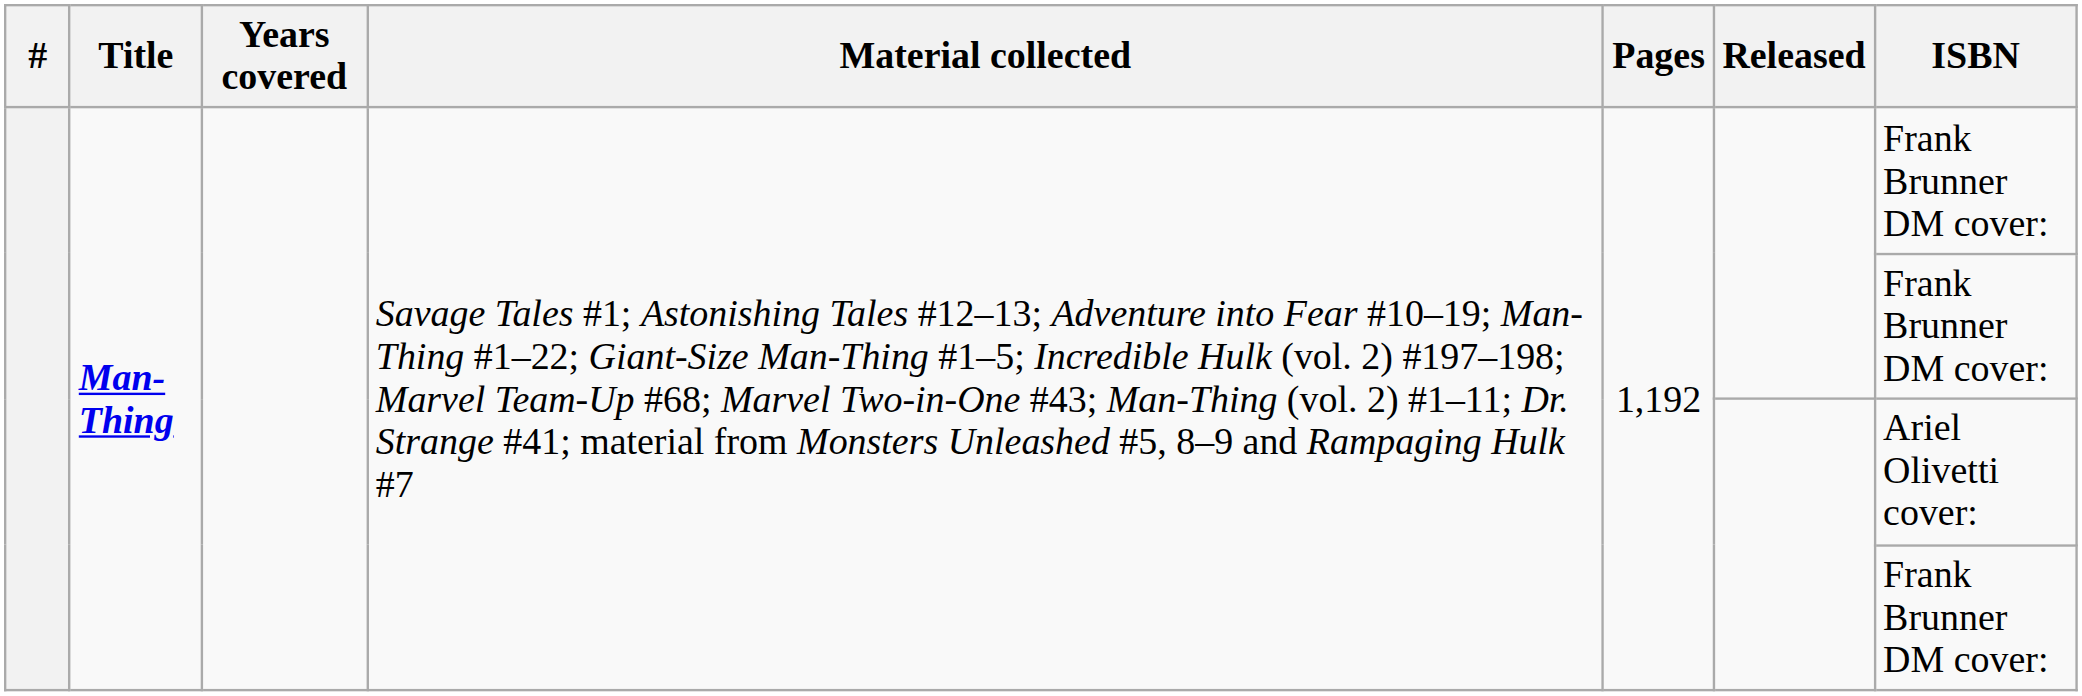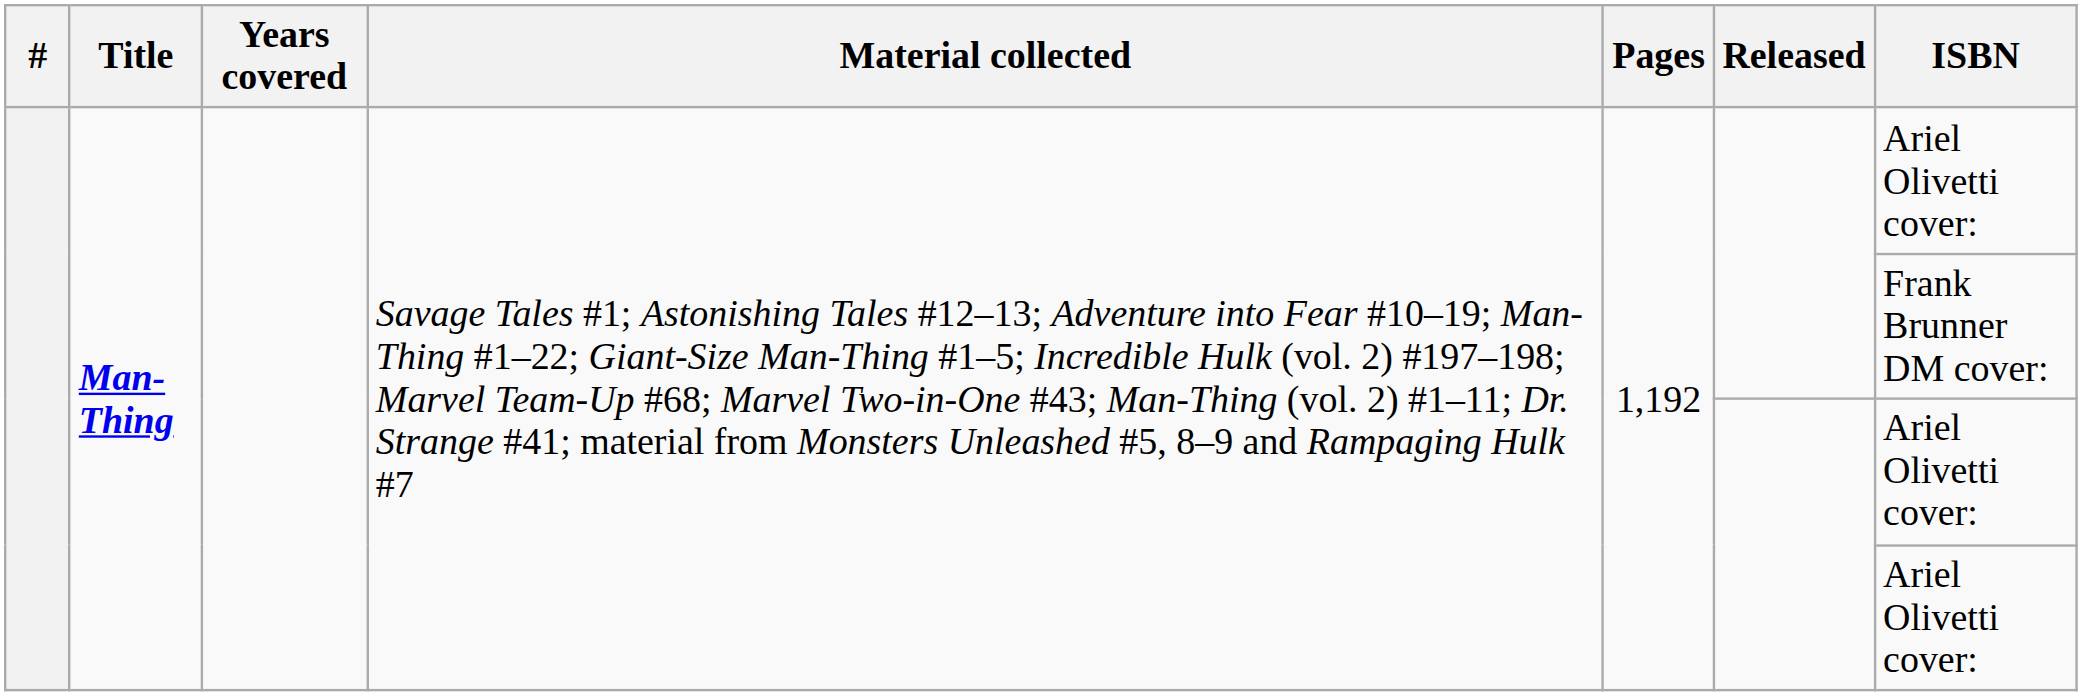 <table class="wikitable sortable" width="99%">
 <tr>
 <th class="unsortable" width="20px">#</th>
 <th>Title</th>
 <th>Years covered</th>
 <th class="unsortable">Material collected</th>
 <th>Pages</th>
 <th>Released</th>
 <th class="unsortable">ISBN</th>
 </tr>
 <tr>
 <th rowspan="4" style="background-color: light grey;"></th>
 <td rowspan="4"><strong><em><a href='#'>Man-Thing</a></em></strong></td>
 <td rowspan="4"></td>
 <td rowspan="4"><em>Savage Tales</em> #1; <em>Astonishing Tales</em> #12–13; <em>Adventure into Fear</em> #10–19; <em>Man-Thing</em> #1–22; <em>Giant-Size Man-Thing</em> #1–5; <em>Incredible Hulk</em> (vol. 2) #197–198; <em>Marvel Team-Up</em> #68; <em>Marvel Two-in-One</em> #43; <em>Man-Thing</em> (vol. 2) #1–11; <em>Dr. Strange</em> #41; material from <em>Monsters Unleashed</em> #5, 8–9 and <em>Rampaging Hulk</em> #7</td>
 <td rowspan="4" style="text-align: center;">1,192</td>
 <td rowspan="2"></td>
-<td>Frank Brunner DM cover: </td>
+<td>Ariel Olivetti cover: </td>
 </tr>
 <tr>
 <td>Frank Brunner DM cover: </td>
 </tr>
 <tr>
 <td rowspan="2"></td>
 <td>Ariel Olivetti cover: </td>
 </tr>
 <tr>
-<td>Frank Brunner DM cover: </td>
+<td>Ariel Olivetti cover: </td>
 </tr>
 </table>
